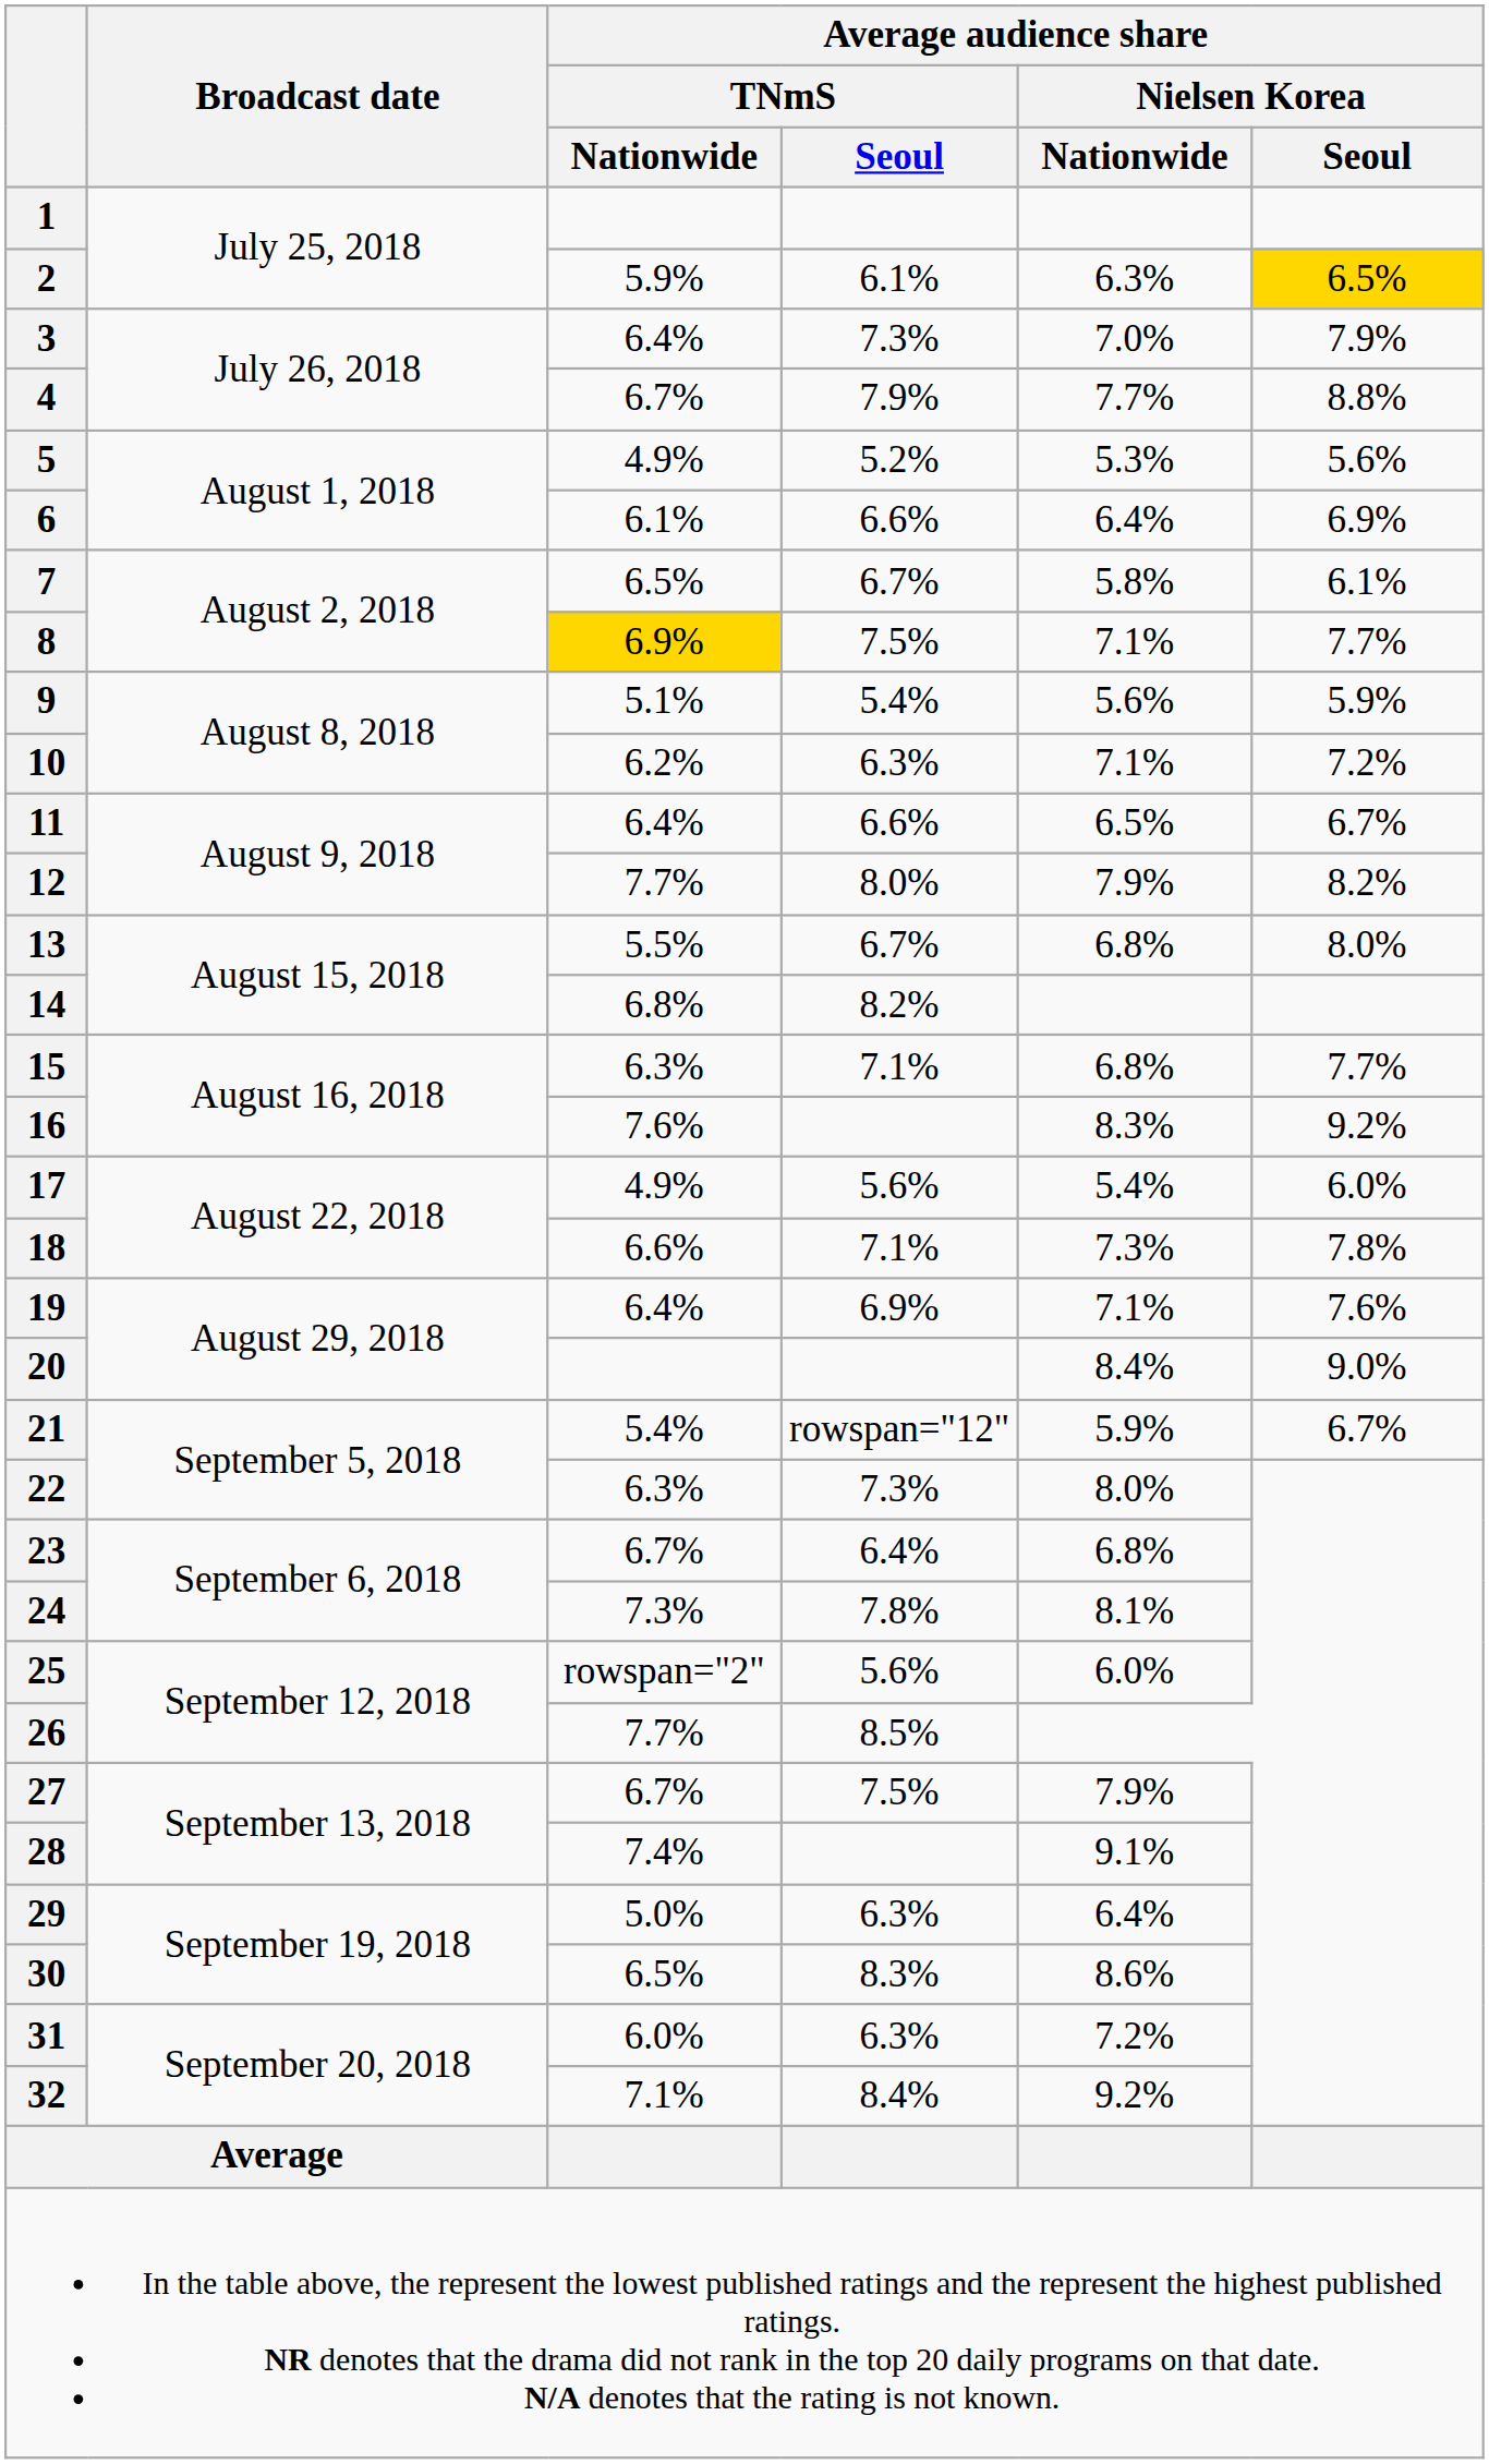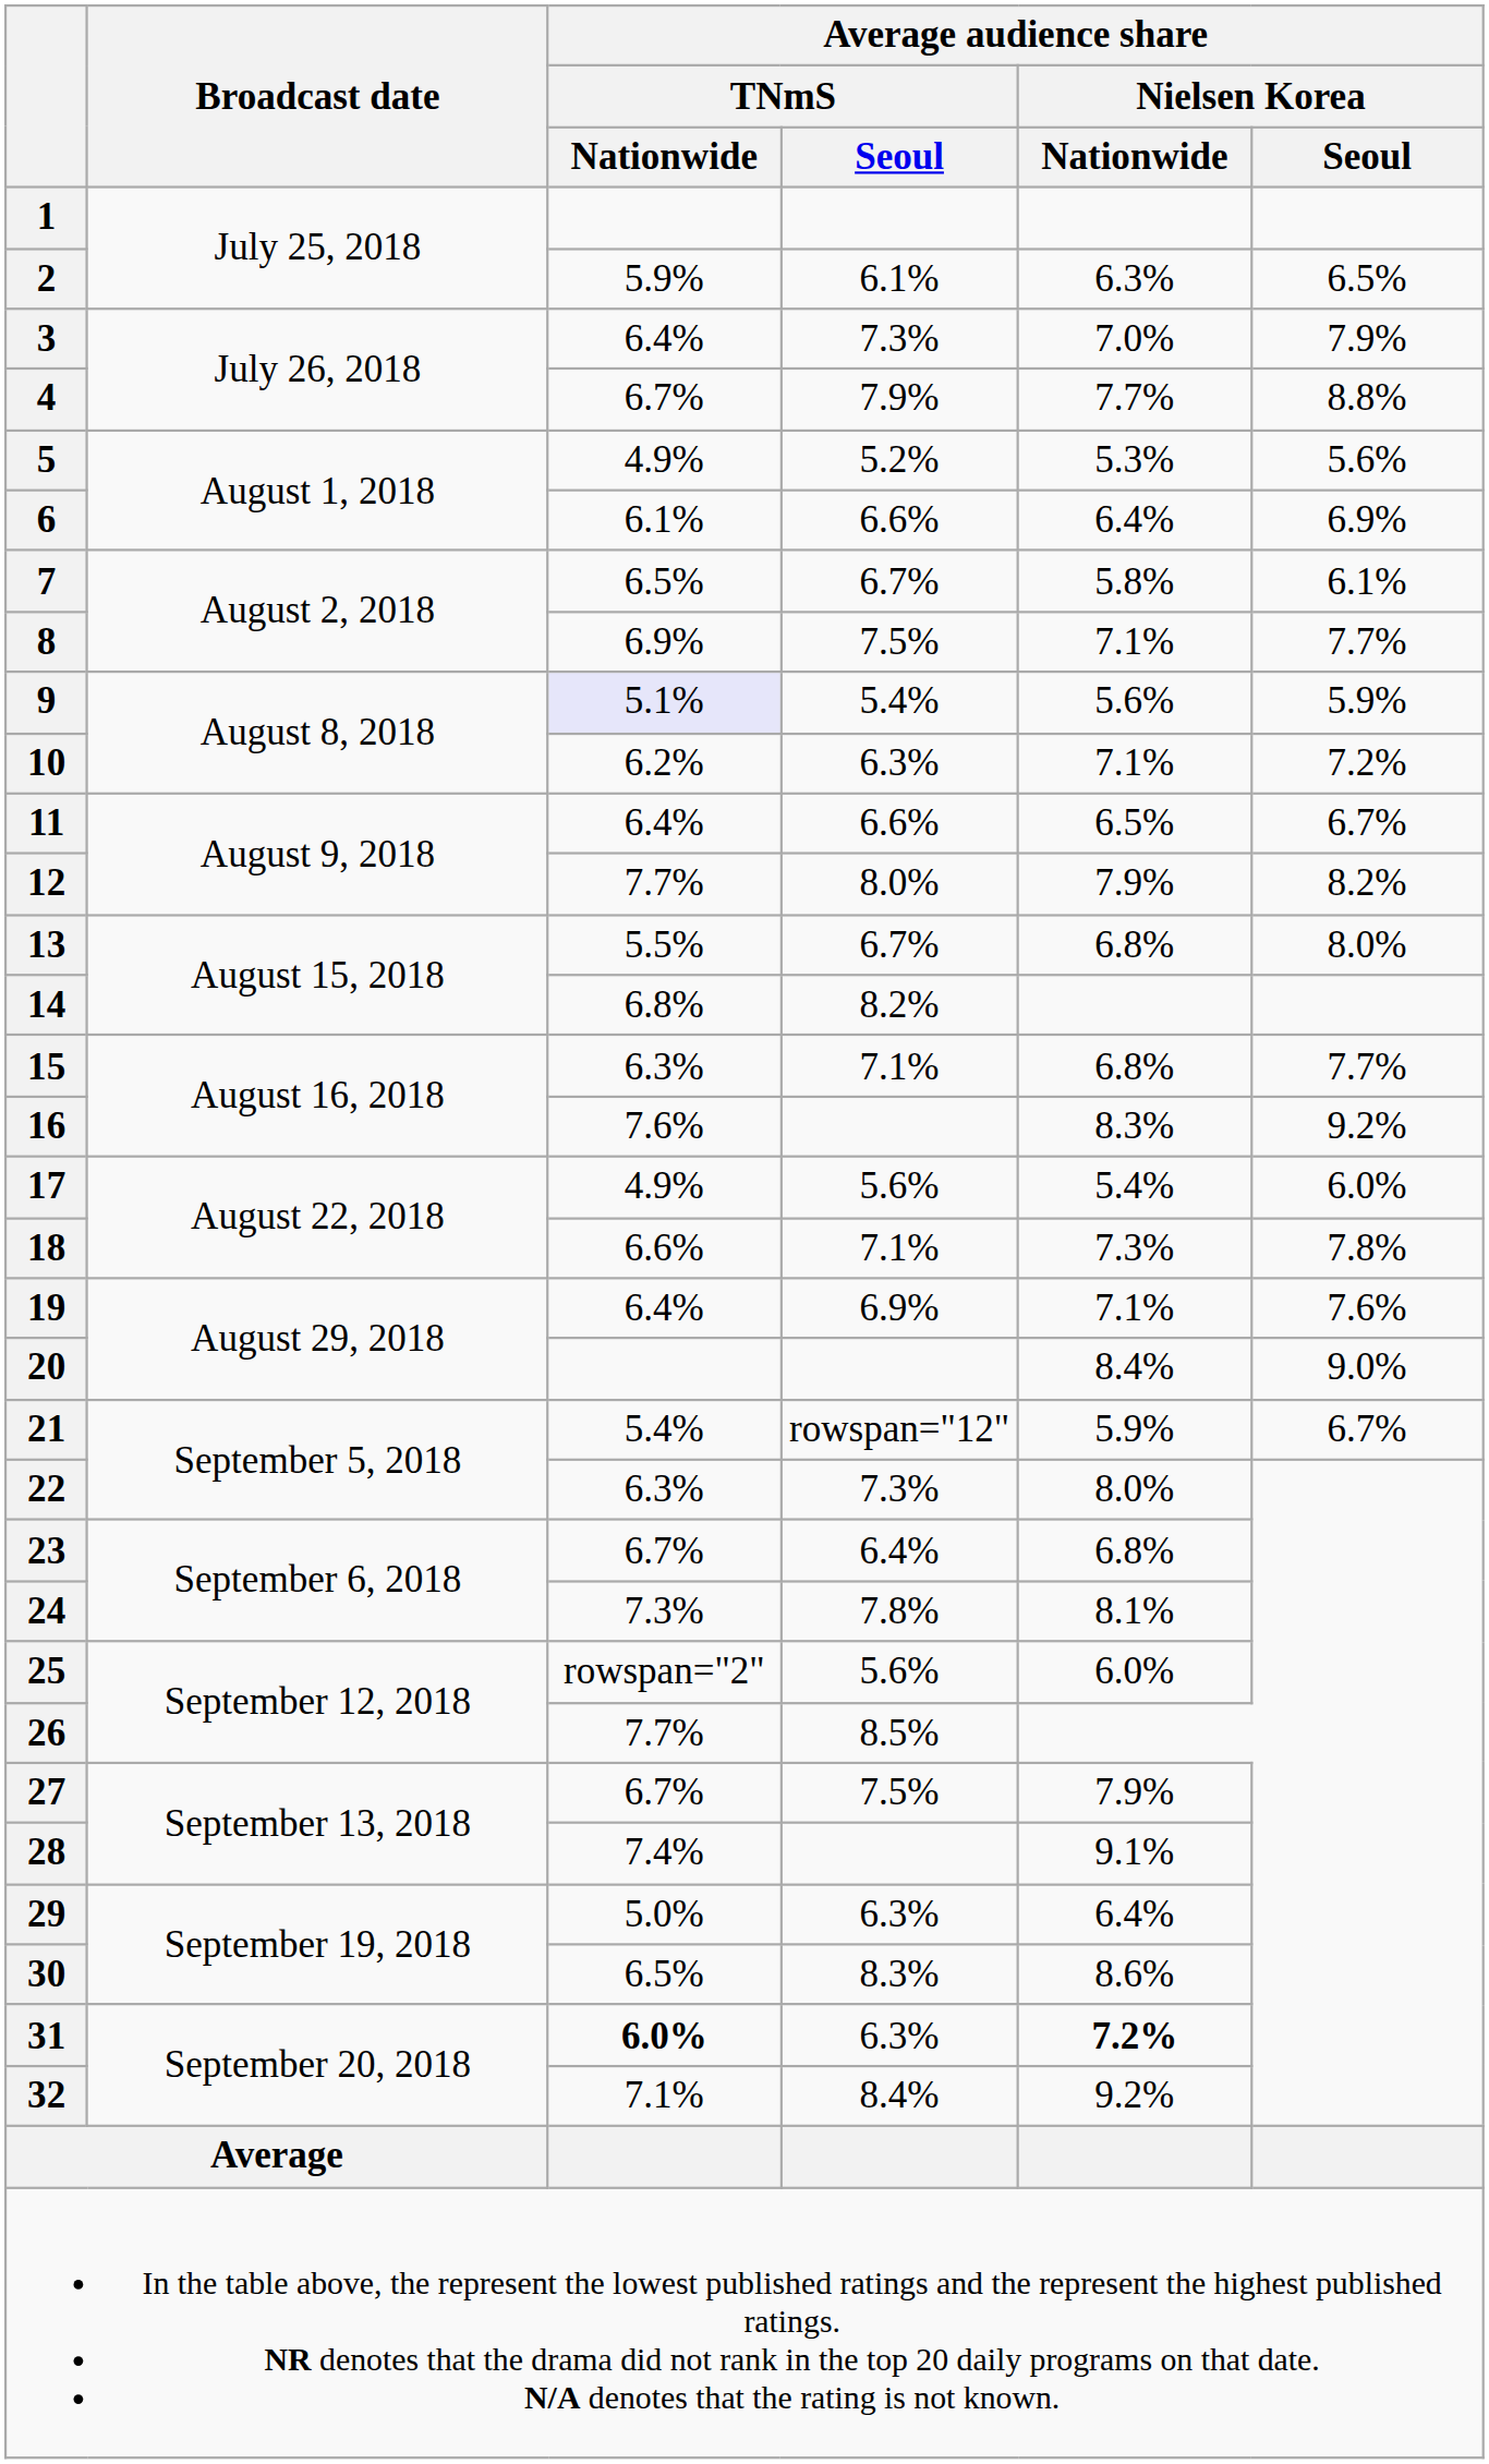 <table class="wikitable" style="text-align:center; width:620px">
 <tr>
 <th rowspan="3"></th>
 <th rowspan="3">Broadcast date</th>
 <th colspan="4">Average audience share</th>
 </tr>
 <tr>
 <th colspan="2">TNmS</th>
 <th colspan="2">Nielsen Korea</th>
 </tr>
 <tr>
 <th width="90">Nationwide</th>
 <th width="90"><a href='#'>Seoul</a></th>
 <th width="90">Nationwide</th>
 <th width="90">Seoul</th>
 </tr>
 <tr>
 <th>1</th>
 <td rowspan="2">July 25, 2018</td>
 <td></td>
 <td></td>
 <td> </td>
 <td> </td>
 </tr>
 <tr>
 <th>2</th>
 <td>5.9%</td>
 <td>6.1%</td>
 <td>6.3% </td>
-<td style="background: gold;">6.5% </td>
+<td>6.5% </td>
 </tr>
 <tr>
 <th>3</th>
 <td rowspan="2">July 26, 2018</td>
 <td>6.4%</td>
 <td>7.3%</td>
 <td>7.0% </td>
 <td>7.9% </td>
 </tr>
 <tr>
 <th>4</th>
 <td>6.7%</td>
 <td>7.9%</td>
 <td>7.7% </td>
 <td>8.8% </td>
 </tr>
 <tr>
 <th>5</th>
 <td rowspan="2">August 1, 2018</td>
 <td>4.9%</td>
 <td>5.2%</td>
 <td>5.3% </td>
 <td>5.6% </td>
 </tr>
 <tr>
 <th>6</th>
 <td>6.1%</td>
 <td>6.6%</td>
 <td>6.4% </td>
 <td>6.9% </td>
 </tr>
 <tr>
 <th>7</th>
 <td rowspan="2">August 2, 2018</td>
 <td>6.5%</td>
 <td>6.7%</td>
 <td>5.8% </td>
 <td>6.1% </td>
 </tr>
 <tr>
 <th>8</th>
-<td style="background: gold;">6.9%</td>
+<td>6.9%</td>
 <td>7.5%</td>
 <td>7.1% </td>
 <td>7.7% </td>
 </tr>
 <tr>
 <th>9</th>
 <td rowspan="2">August 8, 2018</td>
-<td>5.1%</td>
+<td style="background: lavender;">5.1%</td>
 <td>5.4%</td>
 <td>5.6% </td>
 <td>5.9% </td>
 </tr>
 <tr>
 <th>10</th>
 <td>6.2%</td>
 <td>6.3%</td>
 <td>7.1% </td>
 <td>7.2% </td>
 </tr>
 <tr>
 <th>11</th>
 <td rowspan="2">August 9, 2018</td>
 <td>6.4%</td>
 <td>6.6%</td>
 <td>6.5% </td>
 <td>6.7% </td>
 </tr>
 <tr>
 <th>12</th>
 <td>7.7%</td>
 <td>8.0%</td>
 <td>7.9% </td>
 <td>8.2% </td>
 </tr>
 <tr>
 <th>13</th>
 <td rowspan="2">August 15, 2018</td>
 <td>5.5%</td>
 <td>6.7%</td>
 <td>6.8% </td>
 <td>8.0% </td>
 </tr>
 <tr>
 <th>14</th>
 <td>6.8%</td>
 <td>8.2%</td>
 <td> </td>
 <td> </td>
 </tr>
 <tr>
 <th>15</th>
 <td rowspan="2">August 16, 2018</td>
 <td>6.3%</td>
 <td>7.1%</td>
 <td>6.8% </td>
 <td>7.7% </td>
 </tr>
 <tr>
 <th>16</th>
 <td>7.6%</td>
 <td></td>
 <td>8.3% </td>
 <td>9.2% </td>
 </tr>
 <tr>
 <th>17</th>
 <td rowspan="2">August 22, 2018</td>
 <td>4.9%</td>
 <td>5.6%</td>
 <td>5.4% </td>
 <td>6.0% </td>
 </tr>
 <tr>
 <th>18</th>
 <td>6.6%</td>
 <td>7.1%</td>
 <td>7.3% </td>
 <td>7.8% </td>
 </tr>
 <tr>
 <th>19</th>
 <td rowspan="2">August 29, 2018</td>
 <td>6.4%</td>
 <td>6.9%</td>
 <td>7.1% </td>
 <td>7.6% </td>
 </tr>
 <tr>
 <th>20</th>
 <td></td>
 <td></td>
 <td>8.4% </td>
 <td>9.0% </td>
 </tr>
 <tr>
 <th>21</th>
 <td rowspan="2">September 5, 2018</td>
 <td>5.4%</td>
 <td>rowspan="12" </td>
 <td>5.9% </td>
 <td>6.7% </td>
 </tr>
 <tr>
 <th>22</th>
 <td>6.3%</td>
 <td>7.3% </td>
 <td>8.0% </td>
 </tr>
 <tr>
 <th>23</th>
 <td rowspan="2">September 6, 2018</td>
 <td>6.7%</td>
 <td>6.4% </td>
 <td>6.8% </td>
 </tr>
 <tr>
 <th>24</th>
 <td>7.3%</td>
 <td>7.8% </td>
 <td>8.1% </td>
 </tr>
 <tr>
 <th>25</th>
 <td rowspan="2">September 12, 2018</td>
 <td>rowspan="2" </td>
 <td>5.6% </td>
 <td>6.0% </td>
 </tr>
 <tr>
 <th>26</th>
 <td>7.7% </td>
 <td>8.5% </td>
 </tr>
 <tr>
 <th>27</th>
 <td rowspan="2">September 13, 2018</td>
 <td>6.7%</td>
 <td>7.5% </td>
 <td>7.9% </td>
 </tr>
 <tr>
 <th>28</th>
 <td>7.4%</td>
 <td> </td>
 <td>9.1% </td>
 </tr>
 <tr>
 <th>29</th>
 <td rowspan="2">September 19, 2018</td>
 <td>5.0%</td>
 <td>6.3% </td>
 <td>6.4% </td>
 </tr>
 <tr>
 <th>30</th>
 <td>6.5%</td>
 <td>8.3% </td>
 <td>8.6% </td>
 </tr>
 <tr>
 <th>31</th>
 <td rowspan="2">September 20, 2018</td>
-<td>6.0%</td>
+<td><strong>6.0%</strong></td>
 <td>6.3% </td>
-<td>7.2% </td>
+<td><strong>7.2% </strong></td>
 </tr>
 <tr>
 <th>32</th>
 <td>7.1%</td>
 <td>8.4% </td>
 <td>9.2% </td>
 </tr>
 <tr>
 <th colspan="2">Average</th>
 <th></th>
 <th></th>
 <th></th>
 <th></th>
 </tr>
 <tr>
 <td colspan="6" style="font-size:85%"><br><ul><li>In the table above, the <strong></strong> represent the lowest published ratings and the <strong></strong> represent the highest published ratings.</li><li><strong>NR</strong> denotes that the drama did not rank in the top 20 daily programs on that date.</li><li><strong>N/A</strong> denotes that the rating is not known.</li></ul></td>
 </tr>
 </table>
